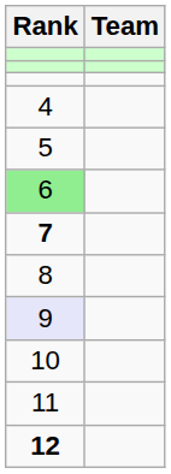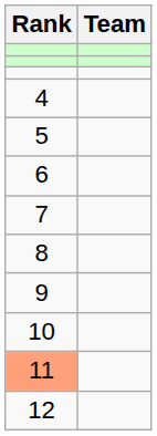 <table class="wikitable" style="text-align: center;">
 <tr>
 <th width=40>Rank</th>
 <th>Team</th>
 </tr>
 <tr align=center bgcolor=#ccffcc>
 <td></td>
 <td style="text-align:left;"></td>
 </tr>
 <tr align=center bgcolor=#ccffcc>
 <td></td>
 <td style="text-align:left;"></td>
 </tr>
 <tr align=center>
 <td></td>
 <td style="text-align:left;"></td>
 </tr>
 <tr align=center>
 <td>4</td>
 <td style="text-align:left;"></td>
 </tr>
 <tr align=center>
 <td>5</td>
 <td style="text-align:left;"></td>
 </tr>
 <tr align=center>
-<td style="background: lightgreen;">6</td>
+<td>6</td>
 <td style="text-align:left;"></td>
 </tr>
 <tr align=center>
-<td><strong>7</strong></td>
+<td>7</td>
 <td style="text-align:left;"></td>
 </tr>
 <tr align=center>
 <td>8</td>
 <td style="text-align:left;"></td>
 </tr>
 <tr align=center>
-<td style="background: lavender;">9</td>
+<td>9</td>
 <td style="text-align:left;"></td>
 </tr>
 <tr align=center>
 <td>10</td>
 <td style="text-align:left;"></td>
 </tr>
 <tr align=center>
-<td>11</td>
+<td style="background: lightsalmon;">11</td>
 <td style="text-align:left;"></td>
 </tr>
 <tr align=center>
-<td><strong>12</strong></td>
+<td>12</td>
 <td style="text-align:left;"></td>
 </tr>
 </table>
